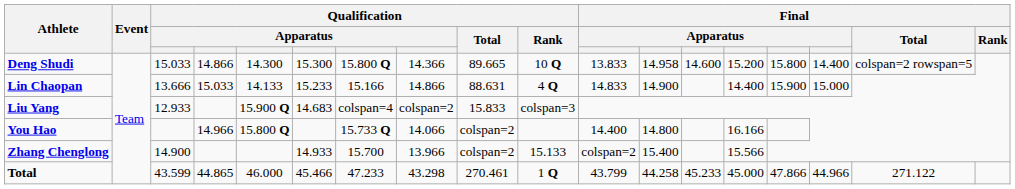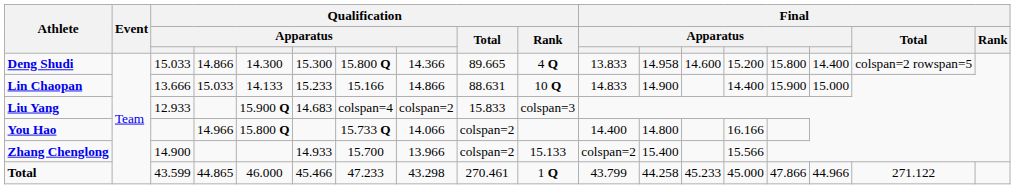 <table class="wikitable" style="font-size:90%">
 <tr>
 <th rowspan=3>Athlete</th>
 <th rowspan=3>Event</th>
 <th colspan =8>Qualification</th>
 <th colspan =8>Final</th>
 </tr>
 <tr style="font-size:95%">
 <th colspan=6>Apparatus</th>
 <th rowspan=2>Total</th>
 <th rowspan=2>Rank</th>
 <th colspan=6>Apparatus</th>
 <th rowspan=2>Total</th>
 <th rowspan=2>Rank</th>
 </tr>
 <tr style="font-size:95%">
 <th></th>
 <th></th>
 <th></th>
 <th></th>
 <th></th>
 <th></th>
 <th></th>
 <th></th>
 <th></th>
 <th></th>
 <th></th>
 <th></th>
 </tr>
 <tr align=center>
 <td align=left><strong><a href='#'>Deng Shudi</a></strong></td>
 <td align=left rowspan=6><a href='#'>Team</a></td>
 <td>15.033</td>
 <td>14.866</td>
 <td>14.300</td>
 <td>15.300</td>
 <td>15.800 <strong>Q</strong></td>
 <td>14.366</td>
 <td>89.665</td>
-<td>10 <strong>Q</strong></td>
+<td>4 <strong>Q</strong></td>
 <td>13.833</td>
 <td>14.958</td>
 <td>14.600</td>
 <td>15.200</td>
 <td>15.800</td>
 <td>14.400</td>
 <td>colspan=2 rowspan=5 </td>
 </tr>
 <tr align=center>
 <td align=left><strong><a href='#'>Lin Chaopan</a></strong></td>
 <td>13.666</td>
 <td>15.033</td>
 <td>14.133</td>
 <td>15.233</td>
 <td>15.166</td>
 <td>14.866</td>
 <td>88.631</td>
-<td>4 <strong>Q</strong></td>
+<td>10 <strong>Q</strong></td>
 <td>14.833</td>
 <td>14.900</td>
 <td></td>
 <td>14.400</td>
 <td>15.900</td>
 <td>15.000</td>
 </tr>
 <tr align=center>
 <td align=left><strong><a href='#'>Liu Yang</a></strong></td>
 <td>12.933</td>
 <td></td>
 <td>15.900 <strong>Q</strong></td>
 <td>14.683</td>
 <td>colspan=4 </td>
 <td>colspan=2 </td>
 <td>15.833</td>
 <td>colspan=3 </td>
 </tr>
 <tr align=center>
 <td align=left><strong><a href='#'>You Hao</a></strong></td>
 <td></td>
 <td>14.966</td>
 <td>15.800 <strong>Q</strong></td>
 <td></td>
 <td>15.733 <strong>Q</strong></td>
 <td>14.066</td>
 <td>colspan=2 </td>
 <td></td>
 <td>14.400</td>
 <td>14.800</td>
 <td></td>
 <td>16.166</td>
 <td></td>
 </tr>
 <tr align=center>
 <td align=left><strong><a href='#'>Zhang Chenglong</a></strong></td>
 <td>14.900</td>
 <td></td>
 <td></td>
 <td>14.933</td>
 <td>15.700</td>
 <td>13.966</td>
 <td>colspan=2 </td>
 <td>15.133</td>
 <td>colspan=2 </td>
 <td>15.400</td>
 <td></td>
 <td>15.566</td>
 </tr>
 <tr align=center>
 <td align=left><strong>Total</strong></td>
 <td>43.599</td>
 <td>44.865</td>
 <td>46.000</td>
 <td>45.466</td>
 <td>47.233</td>
 <td>43.298</td>
 <td>270.461</td>
 <td>1 <strong>Q</strong></td>
 <td>43.799</td>
 <td>44.258</td>
 <td>45.233</td>
 <td>45.000</td>
 <td>47.866</td>
 <td>44.966</td>
 <td>271.122</td>
 <td></td>
 </tr>
 </table>
